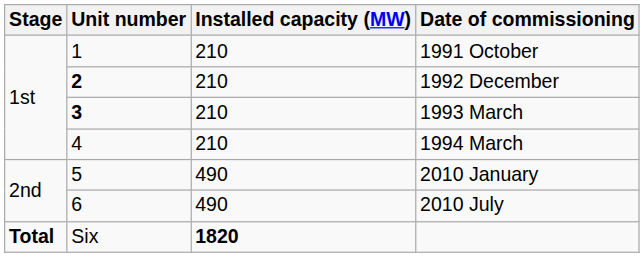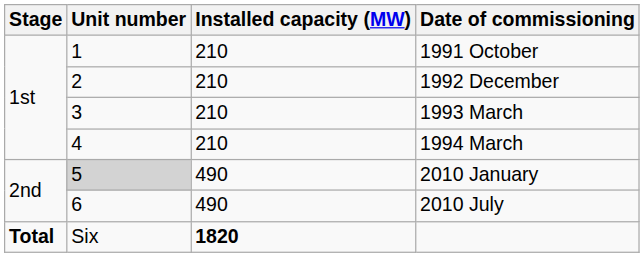 <table class="sortable wikitable">
 <tr>
 <th>Stage</th>
 <th>Unit number</th>
 <th>Installed capacity (<a href='#'>MW</a>)</th>
 <th>Date of commissioning</th>
 </tr>
 <tr>
 <td rowspan="4">1st</td>
 <td>1</td>
 <td>210</td>
 <td>1991 October</td>
 </tr>
 <tr>
-<td><strong>2</strong></td>
+<td>2</td>
 <td>210</td>
 <td>1992 December</td>
 </tr>
 <tr>
-<td><strong>3</strong></td>
+<td>3</td>
 <td>210</td>
 <td>1993 March</td>
 </tr>
 <tr>
 <td>4</td>
 <td>210</td>
 <td>1994 March</td>
 </tr>
 <tr>
 <td rowspan="2">2nd</td>
-<td>5</td>
+<td style="background: lightgrey;">5</td>
 <td>490</td>
 <td>2010 January</td>
 </tr>
 <tr>
 <td>6</td>
 <td>490</td>
 <td>2010 July</td>
 </tr>
 <tr>
 <td><strong>Total</strong></td>
 <td>Six</td>
 <td><strong>1820</strong></td>
 <td></td>
 </tr>
 </table>
